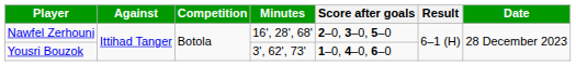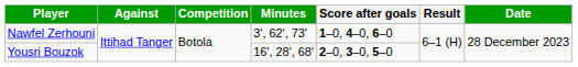 <table class="wikitable sortable">
 <tr>
 <th style="background:#009900; color:white;">Player</th>
 <th style="background:#009900; color:white;">Against</th>
 <th style="background:#009900; color:white;">Competition</th>
 <th style="background:#009900; color:white;">Minutes</th>
 <th style="text-align:center" style="background:#009900; color:white;">Score after goals</th>
 <th style="text-align:center" style="background:#009900; color:white;">Result</th>
 <th style="background:#009900; color:white;">Date</th>
 </tr>
 <tr>
 <td> <a href='#'>Nawfel Zerhouni</a></td>
 <td rowspan="2"> <a href='#'>Ittihad Tanger</a></td>
 <td rowspan="2">Botola</td>
-<td>16', 28', 68'</td>
-<td><strong>2</strong>–0, <strong>3</strong>–0, <strong>5</strong>–0</td>
+<td>3', 62', 73'</td>
+<td><strong>1</strong>–0, <strong>4</strong>–0, <strong>6</strong>–0</td>
 <td rowspan="2">6–1 (H)</td>
 <td rowspan="2">28 December 2023</td>
 </tr>
 <tr>
 <td> <a href='#'>Yousri Bouzok</a></td>
-<td>3', 62', 73'</td>
-<td><strong>1</strong>–0, <strong>4</strong>–0, <strong>6</strong>–0</td>
+<td>16', 28', 68'</td>
+<td><strong>2</strong>–0, <strong>3</strong>–0, <strong>5</strong>–0</td>
 </tr>
 </table>
